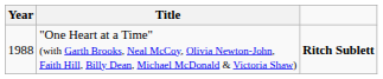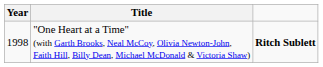 <table class="wikitable">
 <tr>
 <th>Year</th>
 <th>Title</th>
 </tr>
 <tr>
-<td>1988</td>
+<td>1998</td>
 <td>"One Heart at a Time"<small><br>(with <a href='#'>Garth Brooks</a>, <a href='#'>Neal McCoy</a>, <a href='#'>Olivia Newton-John</a>,<br><a href='#'>Faith Hill</a>, <a href='#'>Billy Dean</a>, <a href='#'>Michael McDonald</a> & <a href='#'>Victoria Shaw</a>)</small></td>
 <td><strong>Ritch Sublett</strong></td>
 </tr>
 </table>
